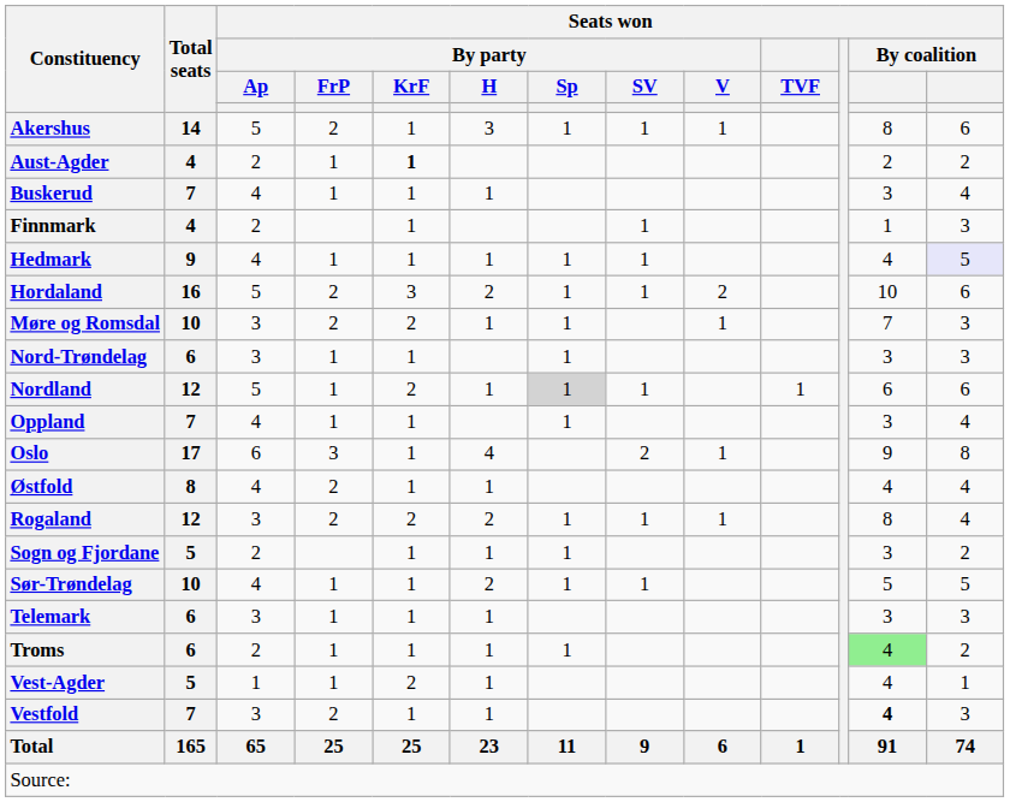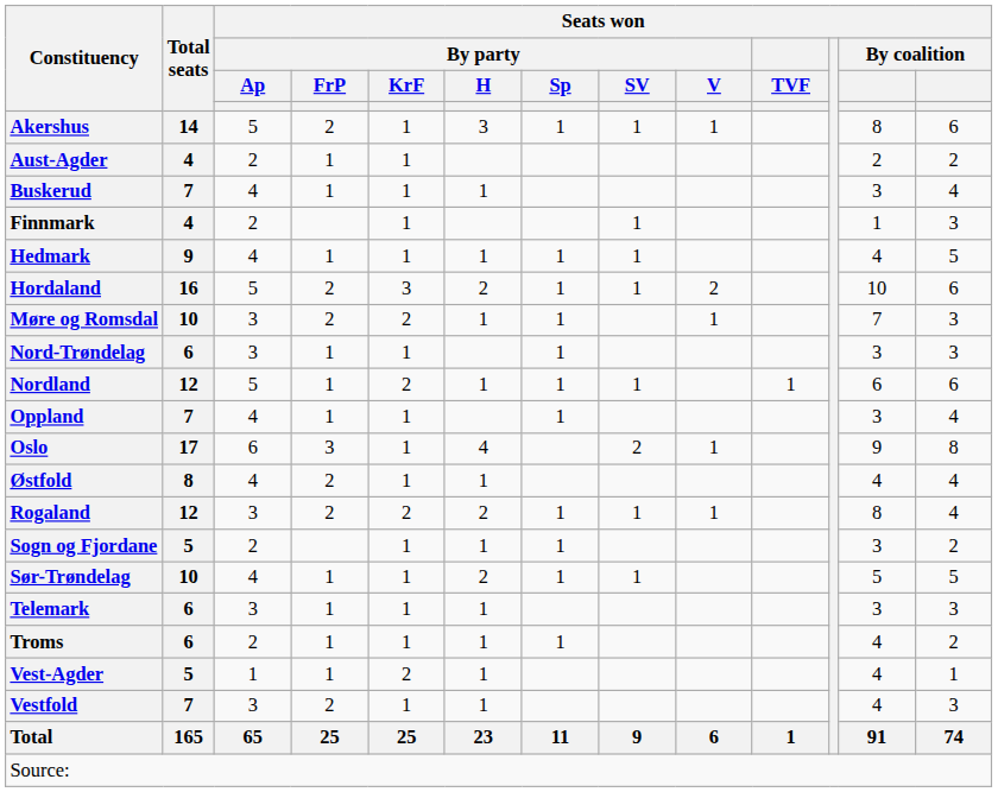 <table class="wikitable" style="text-align:center; font-size: 0.9em;">
 <tr>
 <th rowspan="4">Constituency</th>
 <th rowspan="4">Total<br>seats</th>
 <th colspan="11">Seats won</th>
 </tr>
 <tr>
 <th colspan="7">By party</th>
 <th></th>
 <th rowspan="23"></th>
 <th colspan="2">By coalition</th>
 </tr>
 <tr>
 <th class="unsortable" style="width:50px;"><a href='#'>Ap</a></th>
 <th class="unsortable" style="width:50px;"><a href='#'>FrP</a></th>
 <th class="unsortable" style="width:50px;"><a href='#'>KrF</a></th>
 <th class="unsortable" style="width:50px;"><a href='#'>H</a></th>
 <th class="unsortable" style="width:50px;"><a href='#'>Sp</a></th>
 <th class="unsortable" style="width:50px;"><a href='#'>SV</a></th>
 <th class="unsortable" style="width:50px;"><a href='#'>V</a></th>
 <th class="unsortable" style="width:50px;"><a href='#'>TVF</a></th>
 <th class="unsortable" style="width:50px;"></th>
 <th class="unsortable" style="width:50px;"></th>
 </tr>
 <tr>
 <th style="background:"></th>
 <th style="background:"></th>
 <th style="background:"></th>
 <th style="background:"></th>
 <th style="background:"></th>
 <th style="background:"></th>
 <th style="background:"></th>
 <th style="background:"></th>
 <th style="background:"></th>
 <th style="background:"></th>
 </tr>
 <tr>
 <th style="text-align: left;"><a href='#'>Akershus</a></th>
 <th>14</th>
 <td>5</td>
 <td>2</td>
 <td>1</td>
 <td>3</td>
 <td>1</td>
 <td>1</td>
 <td>1</td>
 <td></td>
 <td>8</td>
 <td>6</td>
 </tr>
 <tr>
 <th style="text-align: left;"><a href='#'>Aust-Agder</a></th>
 <th>4</th>
 <td>2</td>
 <td>1</td>
-<td><strong>1</strong></td>
+<td>1</td>
 <td></td>
 <td></td>
 <td></td>
 <td></td>
 <td></td>
 <td>2</td>
 <td>2</td>
 </tr>
 <tr>
 <th style="text-align: left;"><a href='#'>Buskerud</a></th>
 <th>7</th>
 <td>4</td>
 <td>1</td>
 <td>1</td>
 <td>1</td>
 <td></td>
 <td></td>
 <td></td>
 <td></td>
 <td>3</td>
 <td>4</td>
 </tr>
 <tr>
 <th style="text-align: left;">Finnmark</th>
 <th>4</th>
 <td>2</td>
 <td></td>
 <td>1</td>
 <td></td>
 <td></td>
 <td>1</td>
 <td></td>
 <td></td>
 <td>1</td>
 <td>3</td>
 </tr>
 <tr>
 <th style="text-align: left;"><a href='#'>Hedmark</a></th>
 <th>9</th>
 <td>4</td>
 <td>1</td>
 <td>1</td>
 <td>1</td>
 <td>1</td>
 <td>1</td>
 <td></td>
 <td></td>
 <td>4</td>
-<td style="background: lavender;">5</td>
+<td>5</td>
 </tr>
 <tr>
 <th style="text-align: left;"><a href='#'>Hordaland</a></th>
 <th>16</th>
 <td>5</td>
 <td>2</td>
 <td>3</td>
 <td>2</td>
 <td>1</td>
 <td>1</td>
 <td>2</td>
 <td></td>
 <td>10</td>
 <td>6</td>
 </tr>
 <tr>
 <th style="text-align: left;"><a href='#'>Møre og Romsdal</a></th>
 <th>10</th>
 <td>3</td>
 <td>2</td>
 <td>2</td>
 <td>1</td>
 <td>1</td>
 <td></td>
 <td>1</td>
 <td></td>
 <td>7</td>
 <td>3</td>
 </tr>
 <tr>
 <th style="text-align: left;"><a href='#'>Nord-Trøndelag</a></th>
 <th>6</th>
 <td>3</td>
 <td>1</td>
 <td>1</td>
 <td></td>
 <td>1</td>
 <td></td>
 <td></td>
 <td></td>
 <td>3</td>
 <td>3</td>
 </tr>
 <tr>
 <th style="text-align: left;"><a href='#'>Nordland</a></th>
 <th>12</th>
 <td>5</td>
 <td>1</td>
 <td>2</td>
 <td>1</td>
-<td style="background: lightgrey;">1</td>
+<td>1</td>
 <td>1</td>
 <td></td>
 <td>1</td>
 <td>6</td>
 <td>6</td>
 </tr>
 <tr>
 <th style="text-align: left;"><a href='#'>Oppland</a></th>
 <th>7</th>
 <td>4</td>
 <td>1</td>
 <td>1</td>
 <td></td>
 <td>1</td>
 <td></td>
 <td></td>
 <td></td>
 <td>3</td>
 <td>4</td>
 </tr>
 <tr>
 <th style="text-align: left;"><a href='#'>Oslo</a></th>
 <th>17</th>
 <td>6</td>
 <td>3</td>
 <td>1</td>
 <td>4</td>
 <td></td>
 <td>2</td>
 <td>1</td>
 <td></td>
 <td>9</td>
 <td>8</td>
 </tr>
 <tr>
 <th style="text-align: left;"><a href='#'>Østfold</a></th>
 <th>8</th>
 <td>4</td>
 <td>2</td>
 <td>1</td>
 <td>1</td>
 <td></td>
 <td></td>
 <td></td>
 <td></td>
 <td>4</td>
 <td>4</td>
 </tr>
 <tr>
 <th style="text-align: left;"><a href='#'>Rogaland</a></th>
 <th>12</th>
 <td>3</td>
 <td>2</td>
 <td>2</td>
 <td>2</td>
 <td>1</td>
 <td>1</td>
 <td>1</td>
 <td></td>
 <td>8</td>
 <td>4</td>
 </tr>
 <tr>
 <th style="text-align: left;"><a href='#'>Sogn og Fjordane</a></th>
 <th>5</th>
 <td>2</td>
 <td></td>
 <td>1</td>
 <td>1</td>
 <td>1</td>
 <td></td>
 <td></td>
 <td></td>
 <td>3</td>
 <td>2</td>
 </tr>
 <tr>
 <th style="text-align: left;"><a href='#'>Sør-Trøndelag</a></th>
 <th>10</th>
 <td>4</td>
 <td>1</td>
 <td>1</td>
 <td>2</td>
 <td>1</td>
 <td>1</td>
 <td></td>
 <td></td>
 <td>5</td>
 <td>5</td>
 </tr>
 <tr>
 <th style="text-align: left;"><a href='#'>Telemark</a></th>
 <th>6</th>
 <td>3</td>
 <td>1</td>
 <td>1</td>
 <td>1</td>
 <td></td>
 <td></td>
 <td></td>
 <td></td>
 <td>3</td>
 <td>3</td>
 </tr>
 <tr>
 <th style="text-align: left;">Troms</th>
 <th>6</th>
 <td>2</td>
 <td>1</td>
 <td>1</td>
 <td>1</td>
 <td>1</td>
 <td></td>
 <td></td>
 <td></td>
-<td style="background: lightgreen;">4</td>
+<td>4</td>
 <td>2</td>
 </tr>
 <tr>
 <th style="text-align: left;"><a href='#'>Vest-Agder</a></th>
 <th>5</th>
 <td>1</td>
 <td>1</td>
 <td>2</td>
 <td>1</td>
 <td></td>
 <td></td>
 <td></td>
 <td></td>
 <td>4</td>
 <td>1</td>
 </tr>
 <tr>
 <th style="text-align: left;"><a href='#'>Vestfold</a></th>
 <th>7</th>
 <td>3</td>
 <td>2</td>
 <td>1</td>
 <td>1</td>
 <td></td>
 <td></td>
 <td></td>
 <td></td>
-<td><strong>4</strong></td>
+<td>4</td>
 <td>3</td>
 </tr>
 <tr>
 <th style="text-align: left;">Total</th>
 <th>165</th>
 <th>65</th>
 <th>25</th>
 <th>25</th>
 <th>23</th>
 <th>11</th>
 <th>9</th>
 <th>6</th>
 <th>1</th>
 <th>91</th>
 <th>74</th>
 </tr>
 <tr>
 <td align=left colspan="13">Source: </td>
 </tr>
 </table>
